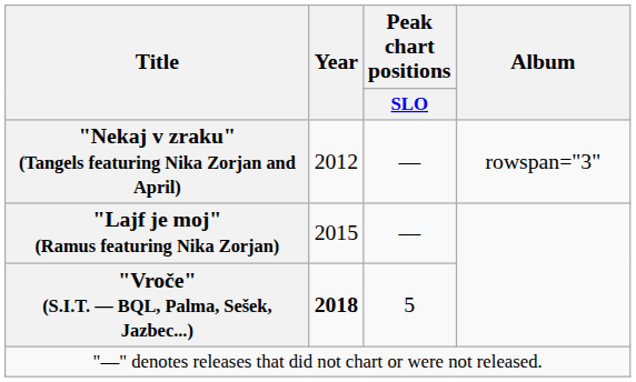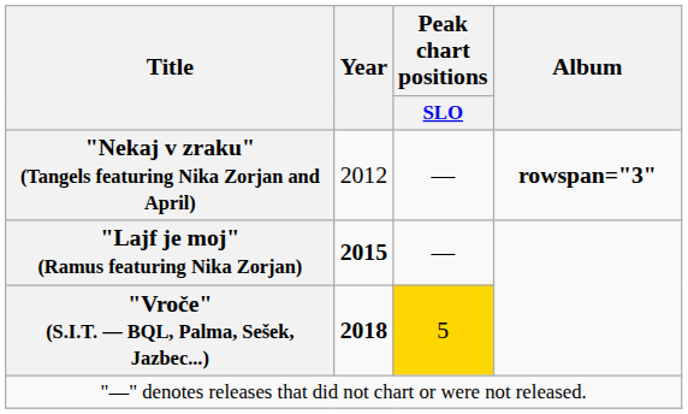 <table class="wikitable plainrowheaders" style="text-align:center;">
 <tr>
 <th scope="col" rowspan="2" width=215px>Title</th>
 <th scope="col" rowspan="2">Year</th>
 <th scope="col" colspan="1">Peak chart positions</th>
 <th scope="col" rowspan="2" width=120px>Album</th>
 </tr>
 <tr>
 <th scope="col" style="width:3em; font-size:85%;"><a href='#'>SLO</a><br></th>
 </tr>
 <tr>
 <th scope="row">"Nekaj v zraku"<br><small>(Tangels featuring Nika Zorjan and April)</small></th>
 <td rowspan="1">2012</td>
 <td>—</td>
-<td>rowspan="3" </td>
+<td><strong>rowspan="3" </strong></td>
 </tr>
 <tr>
 <th scope="row">"Lajf je moj"<br><small>(Ramus featuring Nika Zorjan)</small></th>
-<td>2015</td>
+<td><strong>2015</strong></td>
 <td>—</td>
 </tr>
 <tr>
 <th scope="row">"Vroče"<br><small>(S.I.T. — BQL, Palma, Sešek, Jazbec...)</small></th>
 <td><strong>2018</strong></td>
-<td>5</td>
+<td style="background: gold;">5</td>
 </tr>
 <tr>
 <td style="text-align:center; font-size:85%;" colspan="10">"—" denotes releases that did not chart or were not released.</td>
 </tr>
 </table>
